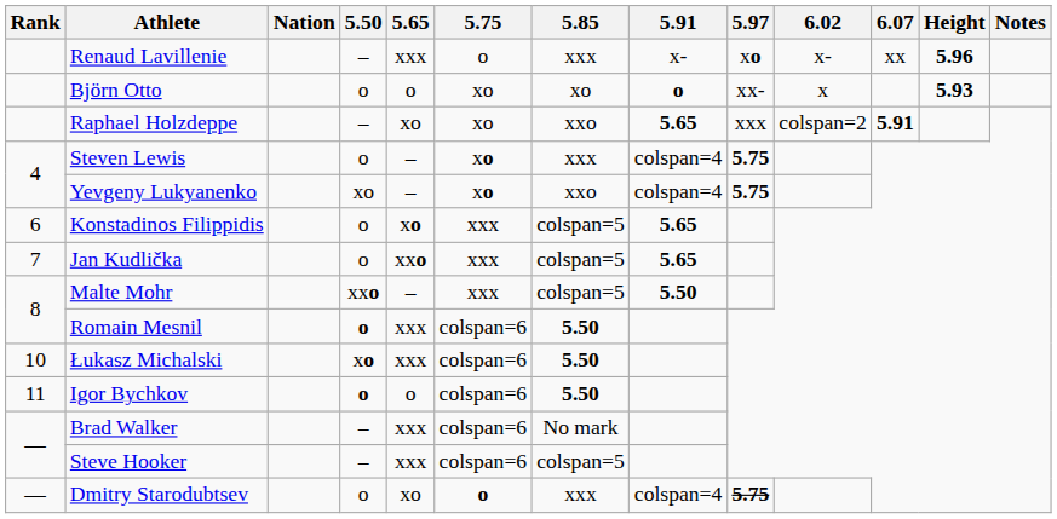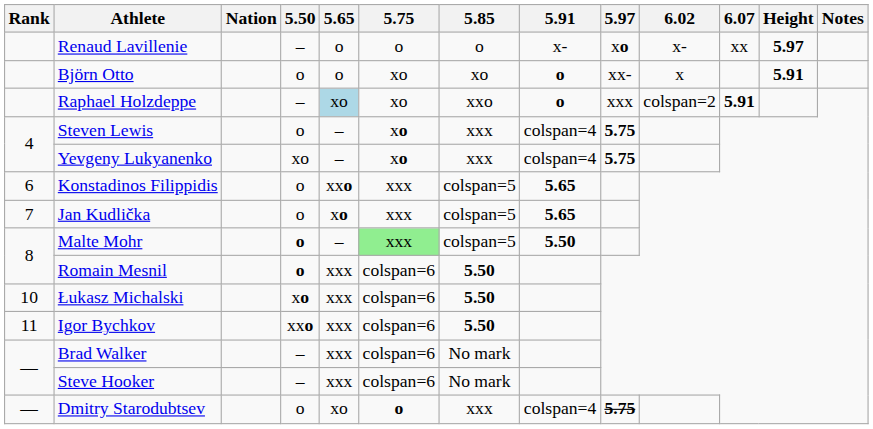 <table class="wikitable sortable" style="text-align:center">
 <tr>
 <th>Rank</th>
 <th>Athlete</th>
 <th>Nation</th>
 <th>5.50</th>
 <th>5.65</th>
 <th>5.75</th>
 <th>5.85</th>
 <th>5.91</th>
 <th>5.97</th>
 <th>6.02</th>
 <th>6.07</th>
 <th>Height</th>
 <th>Notes</th>
 </tr>
 <tr>
 <td></td>
 <td align="left"><a href='#'>Renaud Lavillenie</a></td>
 <td align="left"></td>
 <td>–</td>
-<td>xxx</td>
 <td>o</td>
-<td>xxx</td>
+<td>o</td>
+<td>o</td>
 <td>x-</td>
 <td>x<strong>o</strong></td>
 <td>x-</td>
 <td>xx</td>
-<td><strong>5.96</strong></td>
+<td><strong>5.97</strong></td>
 <td></td>
 </tr>
 <tr>
 <td></td>
 <td align="left"><a href='#'>Björn Otto</a></td>
 <td align="left"></td>
 <td>o</td>
 <td>o</td>
 <td>xo</td>
 <td>xo</td>
 <td><strong>o</strong></td>
 <td>xx-</td>
 <td>x</td>
 <td></td>
-<td><strong>5.93</strong></td>
+<td><strong>5.91</strong></td>
 <td></td>
 </tr>
 <tr>
 <td></td>
 <td align="left"><a href='#'>Raphael Holzdeppe</a></td>
 <td align="left"></td>
 <td>–</td>
-<td>xo</td>
+<td style="background: lightblue;">xo</td>
 <td>xo</td>
 <td>xxo</td>
-<td><strong>5.65</strong></td>
+<td><strong>o</strong></td>
 <td>xxx</td>
 <td>colspan=2 </td>
 <td><strong>5.91</strong></td>
 <td></td>
 </tr>
 <tr>
 <td rowspan=2>4</td>
 <td align="left"><a href='#'>Steven Lewis</a></td>
 <td align="left"></td>
 <td>o</td>
 <td>–</td>
 <td>x<strong>o</strong></td>
 <td>xxx</td>
 <td>colspan=4 </td>
 <td><strong>5.75</strong></td>
 <td></td>
 </tr>
 <tr>
 <td align="left"><a href='#'>Yevgeny Lukyanenko</a></td>
 <td align="left"></td>
 <td>xo</td>
 <td>–</td>
 <td>x<strong>o</strong></td>
-<td>xxo</td>
+<td>xxx</td>
 <td>colspan=4 </td>
 <td><strong>5.75</strong></td>
 <td></td>
 </tr>
 <tr>
 <td>6</td>
 <td align="left"><a href='#'>Konstadinos Filippidis</a></td>
 <td align="left"></td>
 <td>o</td>
-<td>x<strong>o</strong></td>
+<td>xx<strong>o</strong></td>
 <td>xxx</td>
 <td>colspan=5 </td>
 <td><strong>5.65</strong></td>
 <td></td>
 </tr>
 <tr>
 <td>7</td>
 <td align="left"><a href='#'>Jan Kudlička</a></td>
 <td align="left"></td>
 <td>o</td>
-<td>xx<strong>o</strong></td>
+<td>x<strong>o</strong></td>
 <td>xxx</td>
 <td>colspan=5 </td>
 <td><strong>5.65</strong></td>
 <td></td>
 </tr>
 <tr>
 <td rowspan=2>8</td>
 <td align="left"><a href='#'>Malte Mohr</a></td>
 <td align="left"></td>
-<td>xx<strong>o</strong></td>
+<td><strong>o</strong></td>
 <td>–</td>
-<td>xxx</td>
+<td style="background: lightgreen;">xxx</td>
 <td>colspan=5 </td>
 <td><strong>5.50</strong></td>
 <td></td>
 </tr>
 <tr>
 <td align="left"><a href='#'>Romain Mesnil</a></td>
 <td align="left"></td>
 <td><strong>o</strong></td>
 <td>xxx</td>
 <td>colspan=6 </td>
 <td><strong>5.50</strong></td>
 <td></td>
 </tr>
 <tr>
 <td>10</td>
 <td align="left"><a href='#'>Łukasz Michalski</a></td>
 <td align="left"></td>
 <td>x<strong>o</strong></td>
 <td>xxx</td>
 <td>colspan=6 </td>
 <td><strong>5.50</strong></td>
 <td></td>
 </tr>
 <tr>
 <td>11</td>
 <td align="left"><a href='#'>Igor Bychkov</a></td>
 <td align="left"></td>
-<td><strong>o</strong></td>
-<td>o</td>
+<td>xx<strong>o</strong></td>
+<td>xxx</td>
 <td>colspan=6 </td>
 <td><strong>5.50</strong></td>
 <td></td>
 </tr>
 <tr>
 <td rowspan=2 data-sort-value=12>—</td>
 <td align="left"><a href='#'>Brad Walker</a></td>
 <td align="left"></td>
 <td>–</td>
 <td>xxx</td>
 <td>colspan=6 </td>
 <td data-sort-value=1.00>No mark</td>
 <td></td>
 </tr>
 <tr>
 <td align="left"><a href='#'>Steve Hooker</a></td>
 <td align="left"></td>
 <td>–</td>
 <td>xxx</td>
 <td>colspan=6 </td>
-<td>colspan=5 </td>
+<td data-sort-value=1.00>No mark</td>
 <td></td>
 </tr>
 <tr>
 <td data-sort-value=14>—</td>
 <td align="left"><a href='#'>Dmitry Starodubtsev</a></td>
 <td align="left"></td>
 <td>o</td>
 <td>xo</td>
 <td><strong>o</strong></td>
 <td>xxx</td>
 <td>colspan=4 </td>
 <td><s><strong>5.75</strong></s></td>
 <td></td>
 </tr>
 </table>
